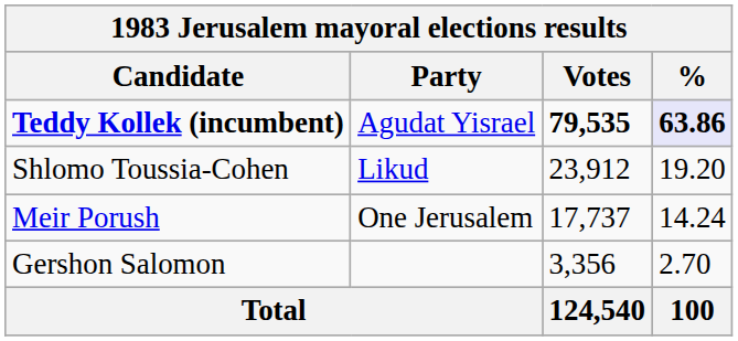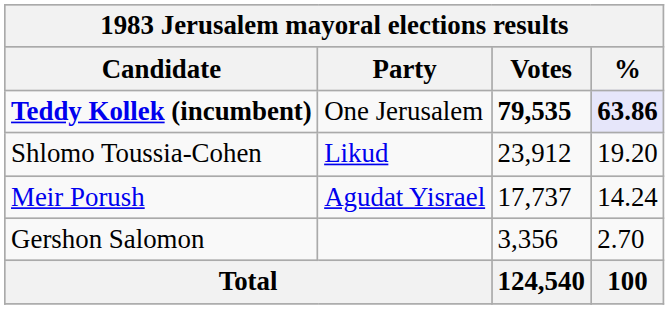 <table class="wikitable sortable">
 <tr>
 <th colspan=4><strong>1983 Jerusalem mayoral elections results</strong></th>
 </tr>
 <tr>
 <th>Candidate</th>
 <th>Party</th>
 <th>Votes</th>
 <th>%</th>
 </tr>
 <tr>
 <td><strong><a href='#'>Teddy Kollek</a> (incumbent)</strong></td>
-<td><a href='#'>Agudat Yisrael</a></td>
+<td>One Jerusalem</td>
 <td><strong>79,535</strong></td>
 <td style="background: lavender;"><strong>63.86</strong></td>
 </tr>
 <tr>
 <td>Shlomo Toussia-Cohen</td>
 <td><a href='#'>Likud</a></td>
 <td>23,912</td>
 <td>19.20</td>
 </tr>
 <tr>
 <td><a href='#'>Meir Porush</a></td>
-<td>One Jerusalem</td>
+<td><a href='#'>Agudat Yisrael</a></td>
 <td>17,737</td>
 <td>14.24</td>
 </tr>
 <tr>
 <td>Gershon Salomon</td>
 <td></td>
 <td>3,356</td>
 <td>2.70</td>
 </tr>
 <tr>
 <th colspan=2>Total</th>
 <th>124,540</th>
 <th>100</th>
 </tr>
 </table>
